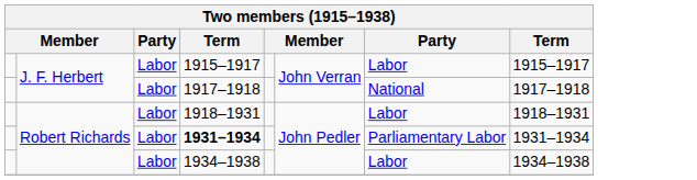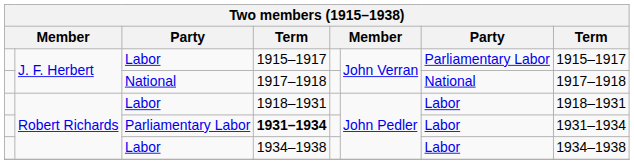 <table class="wikitable">
 <tr>
 <th colspan=8>Two members (1915–1938)</th>
 </tr>
 <tr>
 <th colspan=2>Member</th>
 <th>Party</th>
 <th>Term</th>
 <th colspan=2>Member</th>
 <th>Party</th>
 <th>Term</th>
 </tr>
 <tr>
 <td> </td>
 <td rowspan=2><a href='#'>J. F. Herbert</a></td>
 <td><a href='#'>Labor</a></td>
 <td>1915–1917</td>
 <td> </td>
 <td rowspan=2><a href='#'>John Verran</a></td>
-<td><a href='#'>Labor</a></td>
+<td><a href='#'>Parliamentary Labor</a></td>
 <td>1915–1917</td>
 </tr>
 <tr>
 <td> </td>
-<td><a href='#'>Labor</a></td>
+<td><a href='#'>National</a></td>
 <td>1917–1918</td>
 <td> </td>
 <td><a href='#'>National</a></td>
 <td>1917–1918</td>
 </tr>
 <tr>
 <td> </td>
 <td rowspan=3><a href='#'>Robert Richards</a></td>
 <td><a href='#'>Labor</a></td>
 <td>1918–1931</td>
 <td> </td>
 <td rowspan=3><a href='#'>John Pedler</a></td>
 <td><a href='#'>Labor</a></td>
 <td>1918–1931</td>
 </tr>
 <tr>
 <td> </td>
-<td><a href='#'>Labor</a></td>
+<td><a href='#'>Parliamentary Labor</a></td>
 <td><strong>1931–1934</strong></td>
 <td> </td>
-<td><a href='#'>Parliamentary Labor</a></td>
+<td><a href='#'>Labor</a></td>
 <td>1931–1934</td>
 </tr>
 <tr>
 <td> </td>
 <td><a href='#'>Labor</a></td>
 <td>1934–1938</td>
 <td> </td>
 <td><a href='#'>Labor</a></td>
 <td>1934–1938</td>
 </tr>
 <tr>
 </tr>
 </table>
